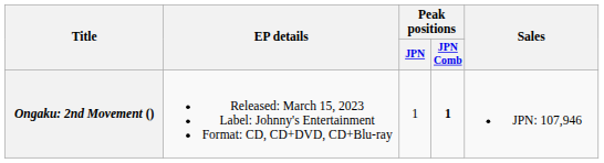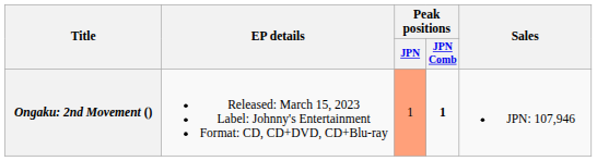 <table class="wikitable plainrowheaders" style="text-align:center;">
 <tr>
 <th scope="col" rowspan="2" style="width:12em;">Title</th>
 <th scope="col" rowspan="2" style="width:18em;">EP details</th>
 <th scope="col" colspan="2">Peak positions</th>
 <th scope="col" rowspan="2" style="width:10em;">Sales</th>
 </tr>
 <tr>
 <th scope="col" style="width:2.5em;font-size:85%;"><a href='#'>JPN</a><br></th>
 <th scope="col" style="width:2.5em;font-size:85%;"><a href='#'>JPN<br>Comb</a><br></th>
 </tr>
 <tr>
 <th scope="row"><em>Ongaku: 2nd Movement</em> ()</th>
 <td><br><ul><li>Released: March 15, 2023</li><li>Label: Johnny's Entertainment</li><li>Format: CD, CD+DVD, CD+Blu-ray</li></ul></td>
-<td>1</td>
+<td style="background: lightsalmon;">1</td>
 <td><strong>1</strong></td>
 <td><br><ul><li>JPN: 107,946</li></ul></td>
 </tr>
 </table>
